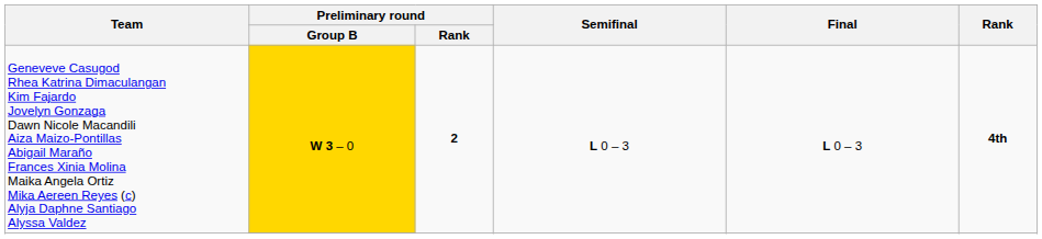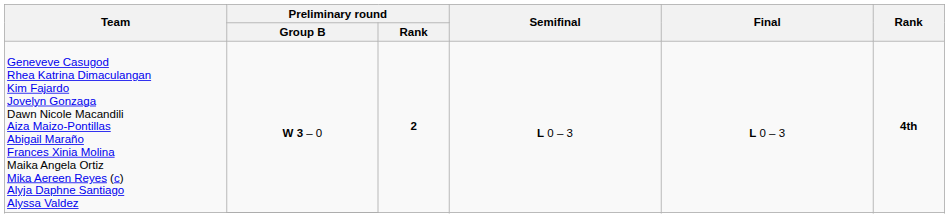 <table class="wikitable" width="93%" style="text-align:left; font-size:90%">
 <tr>
 <th rowspan="2" width="22%">Team</th>
 <th colspan="2">Preliminary round</th>
 <th rowspan="2" width="21%">Semifinal</th>
 <th rowspan="2" width="21%">Final</th>
 <th rowspan="2" width="7%">Rank</th>
 </tr>
 <tr>
 <th width="15%">Group B</th>
 <th width="7%">Rank</th>
 </tr>
 <tr>
 <td rowspan=3 align=left><br><a href='#'>Geneveve Casugod</a><br><a href='#'>Rhea Katrina Dimaculangan</a><br><a href='#'>Kim Fajardo</a><br><a href='#'>Jovelyn Gonzaga</a><br>Dawn Nicole Macandili<br><a href='#'>Aiza Maizo-Pontillas</a><br><a href='#'>Abigail Maraño</a><br><a href='#'>Frances Xinia Molina</a><br>Maika Angela Ortiz<br><a href='#'>Mika Aereen Reyes</a> (<a href='#'>c</a>)<br><a href='#'>Alyja Daphne Santiago</a><br><a href='#'>Alyssa Valdez</a></td>
-<td style="background: gold; text-align:center;"><br> <strong>W 3</strong> – 0</td>
+<td style="text-align:center;"><br> <strong>W 3</strong> – 0</td>
 <td rowspan=3 align=center><strong>2</strong></td>
 <td rowspan=3 align=center><br><strong>L</strong> 0 – 3</td>
 <td rowspan=3 align=center><br><strong>L</strong> 0 – 3</td>
 <td rowspan=3 align=center><strong>4th</strong></td>
 </tr>
 <tr>
 </tr>
 </table>
